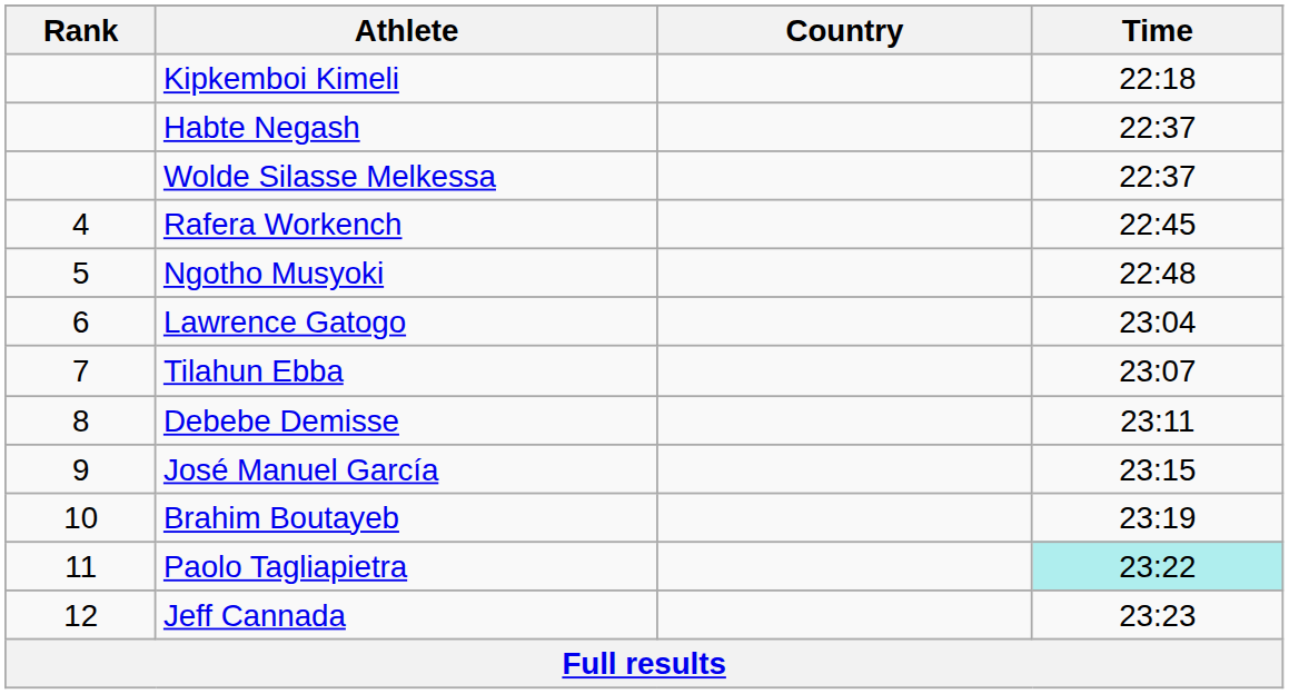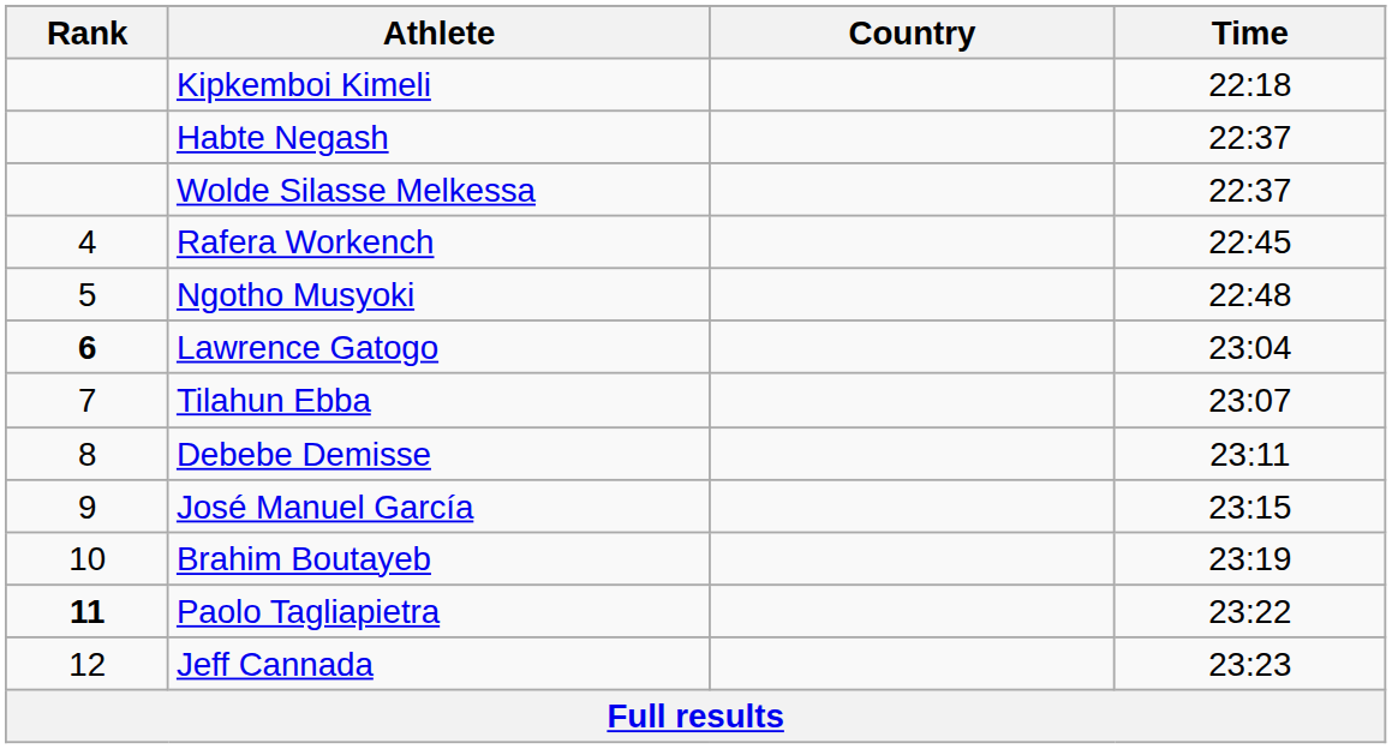 <table class="wikitable sortable" style=" text-align:center; font-size:95%;" width="50%">
 <tr>
 </tr>
 <tr>
 <th width=5%>Rank</th>
 <th width=20%>Athlete</th>
 <th width=15%>Country</th>
 <th width=10%>Time</th>
 </tr>
 <tr>
 <td align=center></td>
 <td align=left><a href='#'>Kipkemboi Kimeli</a></td>
 <td align=left></td>
 <td>22:18</td>
 </tr>
 <tr>
 <td align=center></td>
 <td align=left><a href='#'>Habte Negash</a></td>
 <td align=left></td>
 <td>22:37</td>
 </tr>
 <tr>
 <td align=center></td>
 <td align=left><a href='#'>Wolde Silasse Melkessa</a></td>
 <td align=left></td>
 <td>22:37</td>
 </tr>
 <tr>
 <td align=center>4</td>
 <td align=left><a href='#'>Rafera Workench</a></td>
 <td align=left></td>
 <td>22:45</td>
 </tr>
 <tr>
 <td align=center>5</td>
 <td align=left><a href='#'>Ngotho Musyoki</a></td>
 <td align=left></td>
 <td>22:48</td>
 </tr>
 <tr>
-<td align=center>6</td>
+<td align=center><strong>6</strong></td>
 <td align=left><a href='#'>Lawrence Gatogo</a></td>
 <td align=left></td>
 <td>23:04</td>
 </tr>
 <tr>
 <td align=center>7</td>
 <td align=left><a href='#'>Tilahun Ebba</a></td>
 <td align=left></td>
 <td>23:07</td>
 </tr>
 <tr>
 <td align=center>8</td>
 <td align=left><a href='#'>Debebe Demisse</a></td>
 <td align=left></td>
 <td>23:11</td>
 </tr>
 <tr>
 <td align=center>9</td>
 <td align=left><a href='#'>José Manuel García</a></td>
 <td align=left></td>
 <td>23:15</td>
 </tr>
 <tr>
 <td align=center>10</td>
 <td align=left><a href='#'>Brahim Boutayeb</a></td>
 <td align=left></td>
 <td>23:19</td>
 </tr>
 <tr>
-<td align=center>11</td>
+<td align=center><strong>11</strong></td>
 <td align=left><a href='#'>Paolo Tagliapietra</a></td>
 <td align=left></td>
-<td style="background: paleturquoise;">23:22</td>
+<td>23:22</td>
 </tr>
 <tr>
 <td align=center>12</td>
 <td align=left><a href='#'>Jeff Cannada</a></td>
 <td align=left></td>
 <td>23:23</td>
 </tr>
 <tr class="sortbottom">
 <th colspan=4 align=center><a href='#'>Full results</a></th>
 </tr>
 </table>
